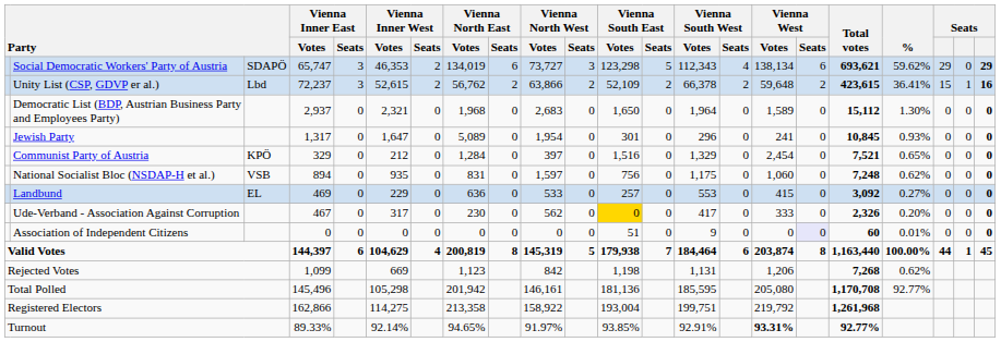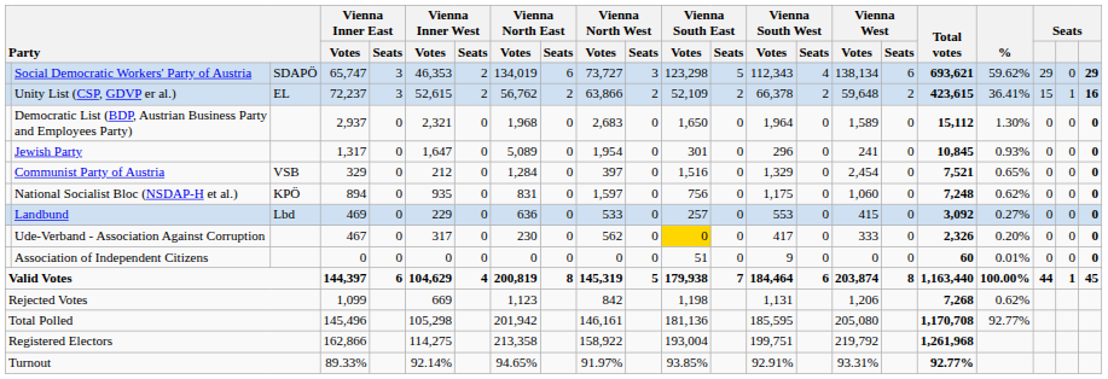 <table class="wikitable" border="1" style="text-align:right;">
 <tr>
 <th style="text-align:left;" valign=bottom rowspan=2 colspan=3>Party</th>
 <th align=center valign=bottom colspan=2>Vienna<br>Inner East</th>
 <th align=center valign=bottom colspan=2>Vienna<br>Inner West</th>
 <th align=center valign=bottom colspan=2>Vienna<br>North East</th>
 <th align=center valign=bottom colspan=2>Vienna<br>North West</th>
 <th align=center valign=bottom colspan=2>Vienna<br>South East</th>
 <th align=center valign=bottom colspan=2>Vienna<br>South West</th>
 <th align=center valign=bottom colspan=2>Vienna<br>West</th>
 <th align=center valign=bottom rowspan=2 width="50">Total<br>votes</th>
 <th align=center valign=bottom rowspan=2 width="50">%</th>
 <th align=center valign=bottom colspan=3>Seats</th>
 </tr>
 <tr>
 <th>Votes</th>
 <th>Seats</th>
 <th>Votes</th>
 <th>Seats</th>
 <th>Votes</th>
 <th>Seats</th>
 <th>Votes</th>
 <th>Seats</th>
 <th>Votes</th>
 <th>Seats</th>
 <th>Votes</th>
 <th>Seats</th>
 <th>Votes</th>
 <th>Seats</th>
 <th align=center valign=bottom width="20"><small></small></th>
 <th align=center valign=bottom width="20"><small></small></th>
 <th align=center valign=bottom width="20"><small></small></th>
 </tr>
 <tr style="background:#CEE0F2;">
 <td></td>
 <td align=left style="white-space: nowrap;"><a href='#'>Social Democratic Workers' Party of Austria</a></td>
 <td align=left>SDAPÖ</td>
 <td>65,747</td>
 <td>3</td>
 <td>46,353</td>
 <td>2</td>
 <td>134,019</td>
 <td>6</td>
 <td>73,727</td>
 <td>3</td>
 <td>123,298</td>
 <td>5</td>
 <td>112,343</td>
 <td>4</td>
 <td>138,134</td>
 <td>6</td>
 <td><strong>693,621</strong></td>
 <td>59.62%</td>
 <td>29</td>
 <td>0</td>
 <td><strong>29</strong></td>
 </tr>
 <tr style="background:#CEE0F2;">
 <td></td>
 <td align=left>Unity List (<a href='#'>CSP</a>, <a href='#'>GDVP</a> er al.)</td>
-<td align=left>Lbd</td>
+<td align=left>EL</td>
 <td>72,237</td>
 <td>3</td>
 <td>52,615</td>
 <td>2</td>
 <td>56,762</td>
 <td>2</td>
 <td>63,866</td>
 <td>2</td>
 <td>52,109</td>
 <td>2</td>
 <td>66,378</td>
 <td>2</td>
 <td>59,648</td>
 <td>2</td>
 <td><strong>423,615</strong></td>
 <td>36.41%</td>
 <td>15</td>
 <td>1</td>
 <td><strong>16</strong></td>
 </tr>
 <tr>
 <td></td>
 <td align=left>Democratic List (<a href='#'>BDP</a>, Austrian Business Party<br>and Employees Party)</td>
 <td align=left></td>
 <td>2,937</td>
 <td>0</td>
 <td>2,321</td>
 <td>0</td>
 <td>1,968</td>
 <td>0</td>
 <td>2,683</td>
 <td>0</td>
 <td>1,650</td>
 <td>0</td>
 <td>1,964</td>
 <td>0</td>
 <td>1,589</td>
 <td>0</td>
 <td><strong>15,112</strong></td>
 <td>1.30%</td>
 <td>0</td>
 <td>0</td>
 <td><strong>0</strong></td>
 </tr>
 <tr>
 <td></td>
 <td align=left><a href='#'>Jewish Party</a></td>
 <td align=left></td>
 <td>1,317</td>
 <td>0</td>
 <td>1,647</td>
 <td>0</td>
 <td>5,089</td>
 <td>0</td>
 <td>1,954</td>
 <td>0</td>
 <td>301</td>
 <td>0</td>
 <td>296</td>
 <td>0</td>
 <td>241</td>
 <td>0</td>
 <td><strong>10,845</strong></td>
 <td>0.93%</td>
 <td>0</td>
 <td>0</td>
 <td><strong>0</strong></td>
 </tr>
 <tr>
 <td></td>
 <td align=left><a href='#'>Communist Party of Austria</a></td>
-<td align=left>KPÖ</td>
+<td align=left>VSB</td>
 <td>329</td>
 <td>0</td>
 <td>212</td>
 <td>0</td>
 <td>1,284</td>
 <td>0</td>
 <td>397</td>
 <td>0</td>
 <td>1,516</td>
 <td>0</td>
 <td>1,329</td>
 <td>0</td>
 <td>2,454</td>
 <td>0</td>
 <td><strong>7,521</strong></td>
 <td>0.65%</td>
 <td>0</td>
 <td>0</td>
 <td><strong>0</strong></td>
 </tr>
 <tr>
 <td></td>
 <td align=left>National Socialist Bloc (<a href='#'>NSDAP-H</a> et al.)</td>
-<td align=left>VSB</td>
+<td align=left>KPÖ</td>
 <td>894</td>
 <td>0</td>
 <td>935</td>
 <td>0</td>
 <td>831</td>
 <td>0</td>
 <td>1,597</td>
 <td>0</td>
 <td>756</td>
 <td>0</td>
 <td>1,175</td>
 <td>0</td>
 <td>1,060</td>
 <td>0</td>
 <td><strong>7,248</strong></td>
 <td>0.62%</td>
 <td>0</td>
 <td>0</td>
 <td><strong>0</strong></td>
 </tr>
 <tr style="background:#CEE0F2;">
 <td></td>
 <td align=left><a href='#'>Landbund</a></td>
-<td align=left>EL</td>
+<td align=left>Lbd</td>
 <td>469</td>
 <td>0</td>
 <td>229</td>
 <td>0</td>
 <td>636</td>
 <td>0</td>
 <td>533</td>
 <td>0</td>
 <td>257</td>
 <td>0</td>
 <td>553</td>
 <td>0</td>
 <td>415</td>
 <td>0</td>
 <td><strong>3,092</strong></td>
 <td>0.27%</td>
 <td>0</td>
 <td>0</td>
 <td><strong>0</strong></td>
 </tr>
 <tr>
 <td></td>
 <td align=left>Ude-Verband - Association Against Corruption</td>
 <td align=left></td>
 <td>467</td>
 <td>0</td>
 <td>317</td>
 <td>0</td>
 <td>230</td>
 <td>0</td>
 <td>562</td>
 <td>0</td>
 <td style="background: gold;">0</td>
 <td>0</td>
 <td>417</td>
 <td>0</td>
 <td>333</td>
 <td>0</td>
 <td><strong>2,326</strong></td>
 <td>0.20%</td>
 <td>0</td>
 <td>0</td>
 <td><strong>0</strong></td>
 </tr>
 <tr>
 <td></td>
 <td align=left>Association of Independent Citizens</td>
 <td align=left></td>
 <td>0</td>
 <td>0</td>
 <td>0</td>
 <td>0</td>
 <td>0</td>
 <td>0</td>
 <td>0</td>
 <td>0</td>
 <td>51</td>
 <td>0</td>
 <td>9</td>
 <td>0</td>
 <td>0</td>
-<td style="background: lavender;">0</td>
+<td>0</td>
 <td><strong>60</strong></td>
 <td>0.01%</td>
 <td>0</td>
 <td>0</td>
 <td><strong>0</strong></td>
 </tr>
 <tr style="font-weight:bold">
 <td align=left colspan=3>Valid Votes</td>
 <td>144,397</td>
 <td>6</td>
 <td>104,629</td>
 <td>4</td>
 <td>200,819</td>
 <td>8</td>
 <td>145,319</td>
 <td>5</td>
 <td>179,938</td>
 <td>7</td>
 <td>184,464</td>
 <td>6</td>
 <td>203,874</td>
 <td>8</td>
 <td>1,163,440</td>
 <td>100.00%</td>
 <td>44</td>
 <td>1</td>
 <td>45</td>
 </tr>
 <tr>
 <td align=left colspan=3>Rejected Votes</td>
 <td>1,099</td>
 <td></td>
 <td>669</td>
 <td></td>
 <td>1,123</td>
 <td></td>
 <td>842</td>
 <td></td>
 <td>1,198</td>
 <td></td>
 <td>1,131</td>
 <td></td>
 <td>1,206</td>
 <td></td>
 <td><strong>7,268</strong></td>
 <td>0.62%</td>
 <td></td>
 <td></td>
 <td></td>
 </tr>
 <tr>
 <td align=left colspan=3>Total Polled</td>
 <td>145,496</td>
 <td></td>
 <td>105,298</td>
 <td></td>
 <td>201,942</td>
 <td></td>
 <td>146,161</td>
 <td></td>
 <td>181,136</td>
 <td></td>
 <td>185,595</td>
 <td></td>
 <td>205,080</td>
 <td></td>
 <td><strong>1,170,708</strong></td>
 <td>92.77%</td>
 <td></td>
 <td></td>
 <td></td>
 </tr>
 <tr>
 <td align=left colspan=3>Registered Electors</td>
 <td>162,866</td>
 <td></td>
 <td>114,275</td>
 <td></td>
 <td>213,358</td>
 <td></td>
 <td>158,922</td>
 <td></td>
 <td>193,004</td>
 <td></td>
 <td>199,751</td>
 <td></td>
 <td>219,792</td>
 <td></td>
 <td><strong>1,261,968</strong></td>
 <td></td>
 <td></td>
 <td></td>
 <td></td>
 </tr>
 <tr>
 <td align=left colspan=3>Turnout</td>
 <td>89.33%</td>
 <td></td>
 <td>92.14%</td>
 <td></td>
 <td>94.65%</td>
 <td></td>
 <td>91.97%</td>
 <td></td>
 <td>93.85%</td>
 <td></td>
 <td>92.91%</td>
 <td></td>
-<td><strong>93.31%</strong></td>
+<td>93.31%</td>
 <td></td>
 <td><strong>92.77%</strong></td>
 <td></td>
 <td></td>
 <td></td>
 <td></td>
 </tr>
 </table>
